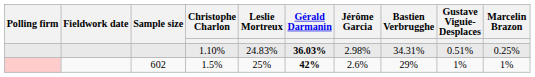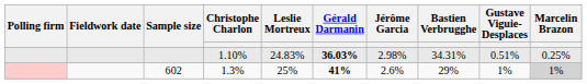 <table class="wikitable sortable" style="text-align:center;font-size:90%;line-height:14px">
 <tr style="height:40px;">
 <th rowspan="2">Polling firm</th>
 <th rowspan="2">Fieldwork date</th>
 <th rowspan="2">Sample size</th>
 <th class="unsortable" style="width:60px">Christophe Charlon<br></th>
 <th class="unsortable" style="width:60px">Leslie Mortreux<br></th>
 <th class="unsortable" style="width:60px"><a href='#'>Gérald Darmanin</a><br></th>
 <th class="unsortable" style="width:60px">Jérôme Garcia<br></th>
 <th class="unsortable" style="width:60px">Bastien Verbrugghe<br></th>
 <th class="unsortable" style="width:60px">Gustave Viguie-Desplaces<br></th>
 <th class="unsortable" style="width:60px">Marcelin Brazon<br></th>
 </tr>
 <tr>
 <th style="background:"></th>
 <th style="background:"></th>
 <th style="background:"></th>
 <th style="background:"></th>
 <th style="background:"></th>
 <th style="background:"></th>
 <th style="background:"></th>
 </tr>
 <tr style="background:#E9E9E9">
 <td></td>
 <td></td>
 <td></td>
 <td>1.10%</td>
 <td>24.83%</td>
 <td style="background-color:#"><strong>36.03%</strong></td>
 <td>2.98%</td>
 <td>34.31%</td>
 <td>0.51%</td>
 <td>0.25%</td>
 </tr>
 <tr>
 <td style="background:#FFCCCC"></td>
 <td></td>
 <td>602</td>
-<td>1.5%</td>
+<td>1.3%</td>
 <td>25%</td>
-<td style="background-color:#"><strong>42%</strong></td>
+<td style="background-color:#"><strong>41%</strong></td>
 <td>2.6%</td>
 <td>29%</td>
 <td>1%</td>
-<td>1%</td>
+<td style="background: lightgrey;">1%</td>
 </tr>
 </table>
